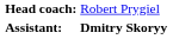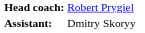 <table>
 <tr>
 <td><strong>Head coach:</strong></td>
 <td> <a href='#'>Robert Prygiel</a></td>
 </tr>
 <tr>
 <td><strong>Assistant:</strong></td>
-<td><strong> Dmitry Skoryy</strong></td>
+<td> Dmitry Skoryy</td>
 </tr>
 </table>
